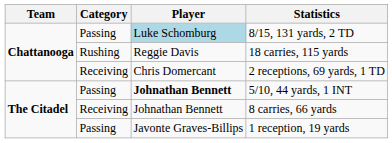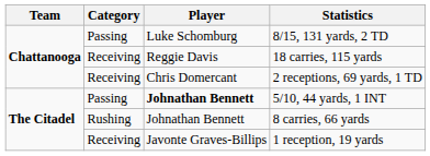 <table class="wikitable" style="float: right;">
 <tr>
 <th>Team</th>
 <th>Category</th>
 <th>Player</th>
 <th>Statistics</th>
 </tr>
 <tr>
 <td rowspan=3><strong>Chattanooga</strong></td>
 <td>Passing</td>
-<td style="background: lightblue;">Luke Schomburg</td>
+<td>Luke Schomburg</td>
 <td>8/15, 131 yards, 2 TD</td>
 </tr>
 <tr>
-<td>Rushing</td>
+<td>Receiving</td>
 <td>Reggie Davis</td>
 <td>18 carries, 115 yards</td>
 </tr>
 <tr>
 <td>Receiving</td>
 <td>Chris Domercant</td>
 <td>2 receptions, 69 yards, 1 TD</td>
 </tr>
 <tr>
 <td rowspan=3><strong>The Citadel</strong></td>
 <td>Passing</td>
 <td><strong>Johnathan Bennett</strong></td>
 <td>5/10, 44 yards, 1 INT</td>
 </tr>
 <tr>
-<td>Receiving</td>
+<td>Rushing</td>
 <td>Johnathan Bennett</td>
 <td>8 carries, 66 yards</td>
 </tr>
 <tr>
-<td>Passing</td>
+<td>Receiving</td>
 <td>Javonte Graves-Billips</td>
 <td>1 reception, 19 yards</td>
 </tr>
 </table>
